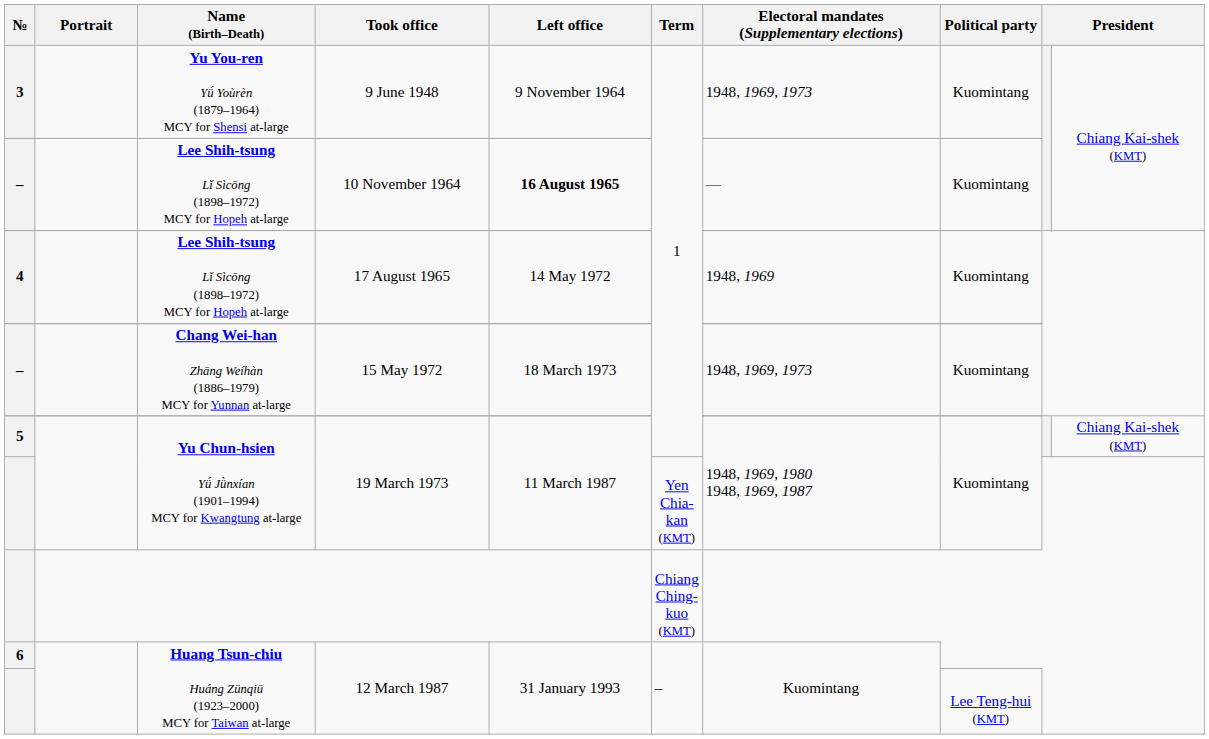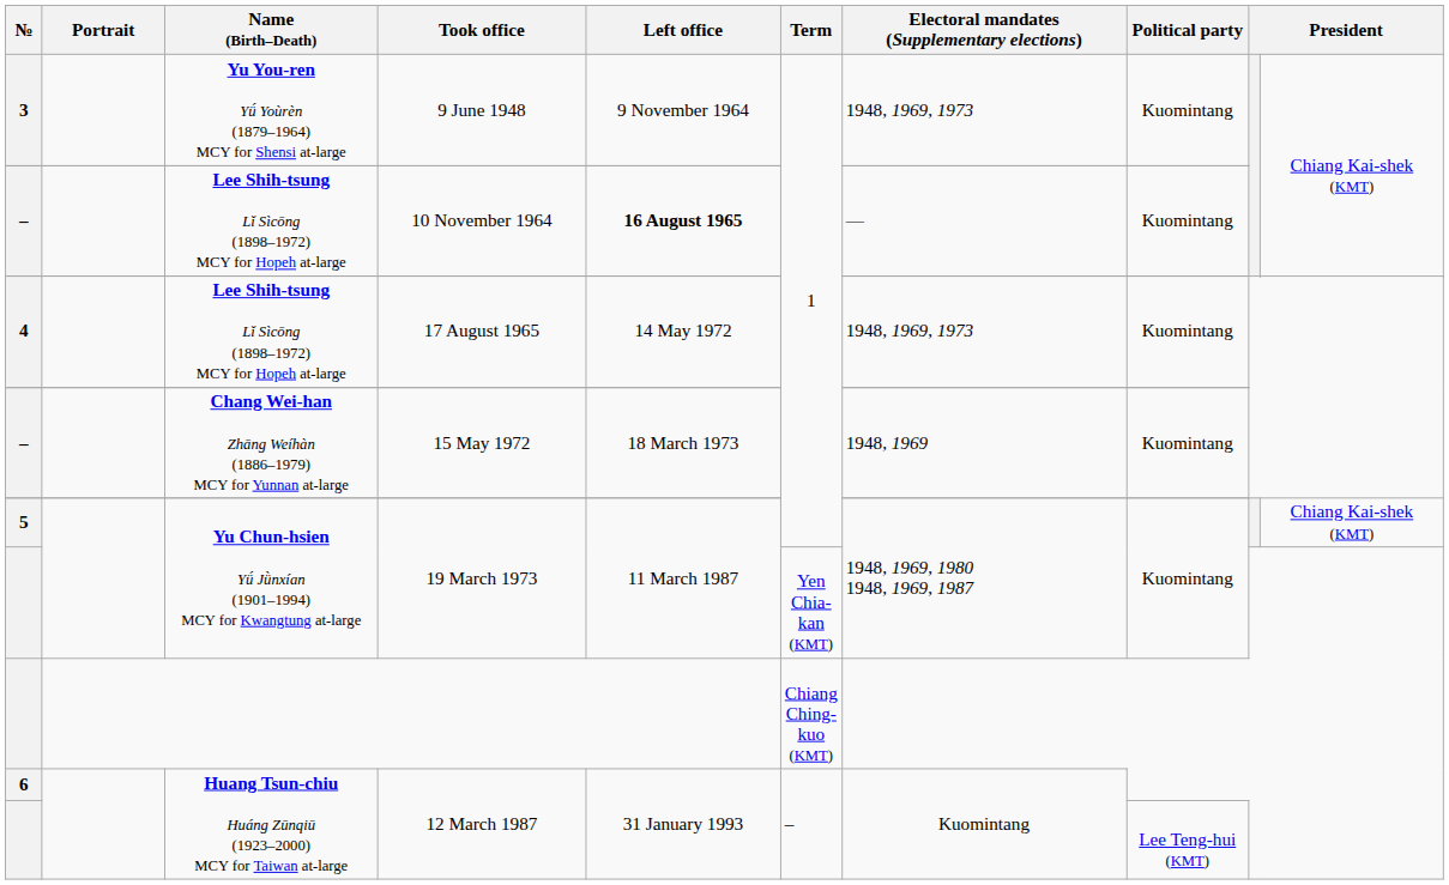 <table class="wikitable"  style="text-align:center"  width="100%">
 <tr>
 <th style="width:25px;">№</th>
 <th style="width:100px;">Portrait</th>
 <th width=180px>Name<br><small>(Birth–Death)</small></th>
 <th>Took office</th>
 <th>Left office</th>
 <th style="width:25px;">Term</th>
 <th width="width:150px">Electoral mandates<br>(<em>Supplementary elections</em>)</th>
 <th style="width:100px;">Political party</th>
 <th colspan=2 width="width:200px">President</th>
 </tr>
 <tr ->
 <th style="background:">3</th>
 <td align=center></td>
 <td align=center><strong><a href='#'>Yu You-ren</a></strong><br><br><small><em>Yǘ Yoùrèn</em><br>(1879–1964)<br>MCY for <a href='#'>Shensi</a> at-large</small></td>
 <td>9 June 1948</td>
 <td>9 November 1964</td>
 <td rowspan=9>1</td>
 <td align=left>1948, <em>1969</em>, <em>1973</em></td>
 <td>Kuomintang</td>
 <th rowspan=4 style="background:"></th>
 <td rowspan=4><br><a href='#'>Chiang Kai-shek</a><br><small>(<a href='#'>KMT</a>)</small></td>
 </tr>
 <tr ->
 </tr>
 <tr ->
 <th style="background:">–</th>
 <td align=center></td>
 <td align=center><strong><a href='#'>Lee Shih-tsung</a></strong><br><br><small><em>Lǐ Sìcōng</em><br>(1898–1972)<br>MCY for <a href='#'>Hopeh</a> at-large</small></td>
 <td>10 November 1964</td>
 <td><strong>16 August 1965</strong></td>
 <td align=left>—</td>
 <td>Kuomintang</td>
 </tr>
 <tr ->
 </tr>
 <tr ->
 <th style="background:">4</th>
 <td align=center></td>
 <td align=center><strong><a href='#'>Lee Shih-tsung</a></strong><br><br><small><em>Lǐ Sìcōng</em><br>(1898–1972)<br>MCY for <a href='#'>Hopeh</a> at-large</small></td>
 <td>17 August 1965</td>
 <td>14 May 1972</td>
-<td align=left>1948, <em>1969</em></td>
+<td align=left>1948, <em>1969</em>, <em>1973</em></td>
 <td>Kuomintang</td>
 </tr>
 <tr ->
 </tr>
 <tr ->
 <th style="background:">–</th>
 <td align=center></td>
 <td align=center><strong><a href='#'>Chang Wei-han</a></strong><br><br><small><em>Zhāng Weíhàn</em><br>(1886–1979)<br>MCY for <a href='#'>Yunnan</a> at-large</small></td>
 <td>15 May 1972</td>
 <td>18 March 1973</td>
-<td align=left>1948, <em>1969</em>, <em>1973</em></td>
+<td align=left>1948, <em>1969</em></td>
 <td>Kuomintang</td>
 </tr>
 <tr ->
 </tr>
 <tr ->
 <th style="background:">5</th>
 <td rowspan=3 align=center></td>
 <td rowspan=3 align=center><strong><a href='#'>Yu Chun-hsien</a></strong><br><br><small><em>Yǘ Jǜnxían</em><br>(1901–1994)<br>MCY for <a href='#'>Kwangtung</a> at-large</small></td>
 <td rowspan=3>19 March 1973</td>
 <td rowspan=3>11 March 1987</td>
 <td rowspan=3 align=left>1948, <em>1969</em>, <em>1980</em><br>1948, <em>1969</em>, <em>1987</em></td>
 <td rowspan=3>Kuomintang</td>
 <th style="background:"></th>
 <td><a href='#'>Chiang Kai-shek</a><br><small>(<a href='#'>KMT</a>)</small></td>
 </tr>
 <tr>
 <th style="background:"></th>
 <td><br><a href='#'>Yen Chia-kan</a><br><small>(<a href='#'>KMT</a>)</small></td>
 </tr>
 <tr>
 <th rowspan=2 style="background:"></th>
 <td rowspan=2><br><a href='#'>Chiang Ching-kuo</a><br><small>(<a href='#'>KMT</a>)</small></td>
 </tr>
 <tr ->
 </tr>
 <tr ->
 <th style="background:">6</th>
 <td rowspan=2 align=center></td>
 <td rowspan=2 align=center><strong><a href='#'>Huang Tsun-chiu</a></strong><br><br><small><em>Huáng Zūnqiū</em><br>(1923–2000)<br>MCY for <a href='#'>Taiwan</a> at-large</small></td>
 <td rowspan=2>12 March 1987</td>
 <td rowspan=2>31 January 1993</td>
 <td rowspan=2 align=left>–</td>
 <td rowspan=2>Kuomintang</td>
 </tr>
 <tr>
 <th style="background:"></th>
 <td><br><a href='#'>Lee Teng-hui</a><br><small>(<a href='#'>KMT</a>)</small></td>
 </tr>
 </table>
